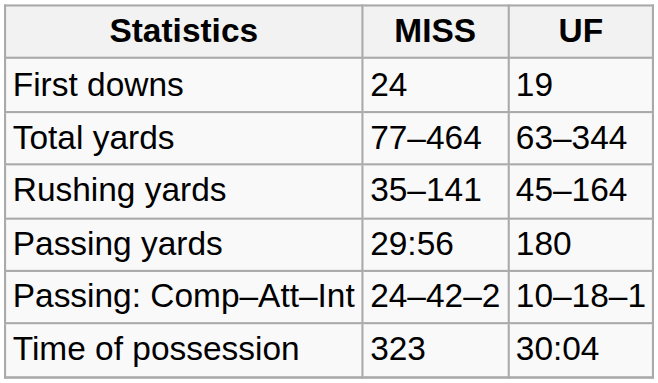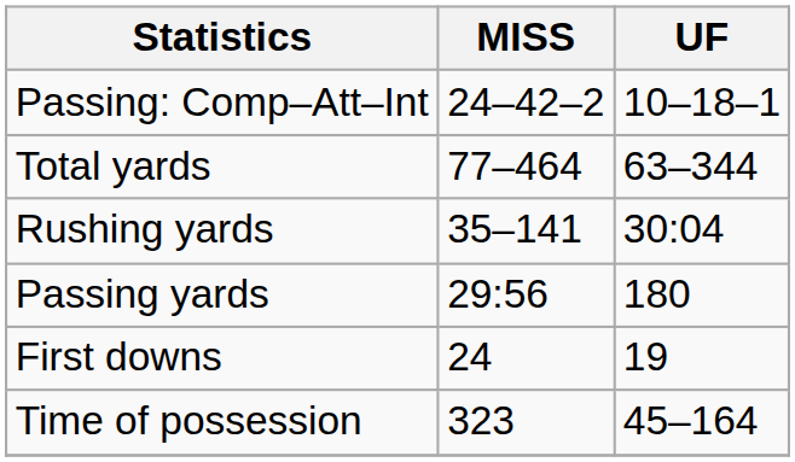 <table class="wikitable" style="float: left;">
 <tr>
 <th>Statistics</th>
 <th>MISS</th>
 <th>UF</th>
 </tr>
 <tr>
-<td>First downs</td>
-<td>24</td>
-<td>19</td>
+<td>Passing: Comp–Att–Int</td>
+<td>24–42–2</td>
+<td>10–18–1</td>
 </tr>
 <tr>
 <td>Total yards</td>
 <td>77–464</td>
 <td>63–344</td>
 </tr>
 <tr>
 <td>Rushing yards</td>
 <td>35–141</td>
-<td>45–164</td>
+<td>30:04</td>
 </tr>
 <tr>
 <td>Passing yards</td>
 <td>29:56</td>
 <td>180</td>
 </tr>
 <tr>
-<td>Passing: Comp–Att–Int</td>
-<td>24–42–2</td>
-<td>10–18–1</td>
+<td>First downs</td>
+<td>24</td>
+<td>19</td>
 </tr>
 <tr>
 <td>Time of possession</td>
 <td>323</td>
-<td>30:04</td>
+<td>45–164</td>
 </tr>
 <tr>
 </tr>
 </table>
